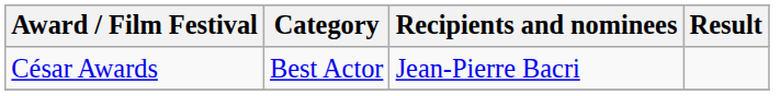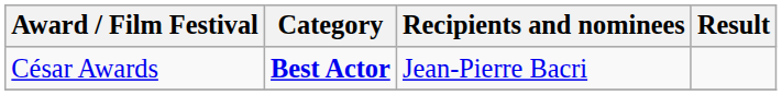 <table class="wikitable plainrowheaders sortable">
 <tr style="background:#ccc; text-align:center;">
 <th scope="col">Award / Film Festival</th>
 <th scope="col">Category</th>
 <th scope="col">Recipients and nominees</th>
 <th scope="col">Result</th>
 </tr>
 <tr>
 <td><a href='#'>César Awards</a></td>
-<td><a href='#'>Best Actor</a></td>
+<td><strong><a href='#'>Best Actor</a></strong></td>
 <td><a href='#'>Jean-Pierre Bacri</a></td>
 <td></td>
 </tr>
 <tr>
 </tr>
 </table>
